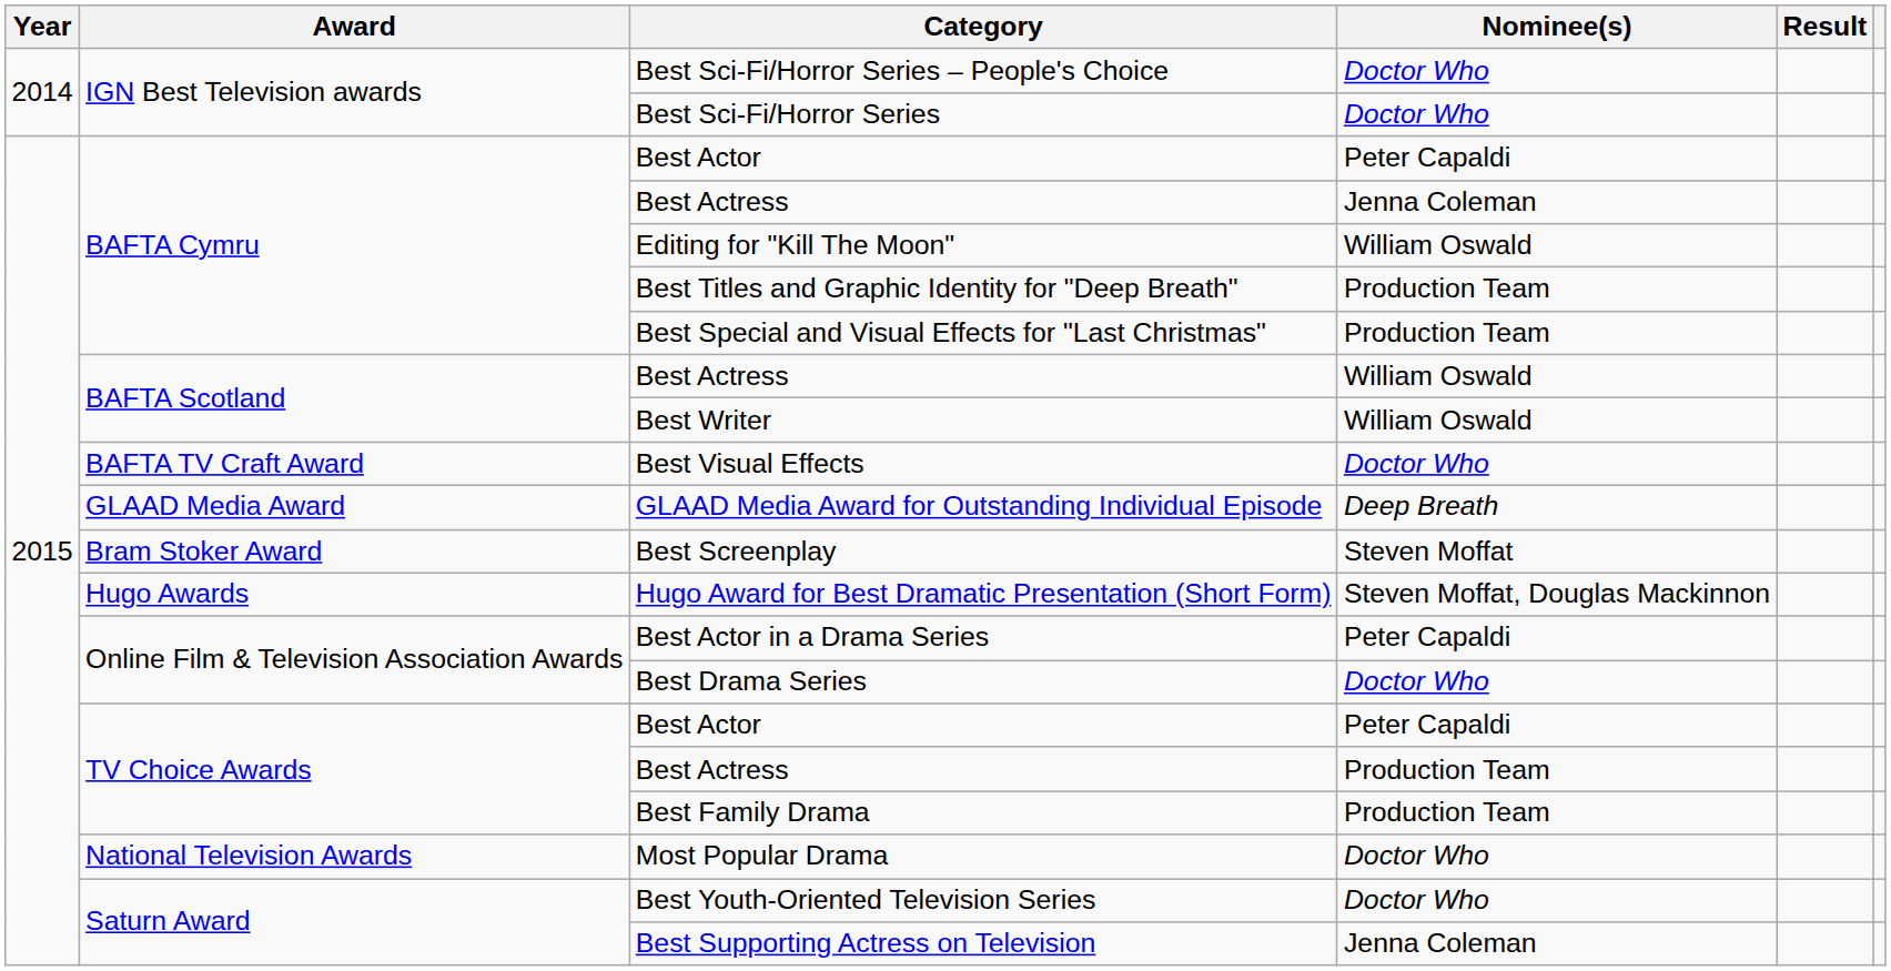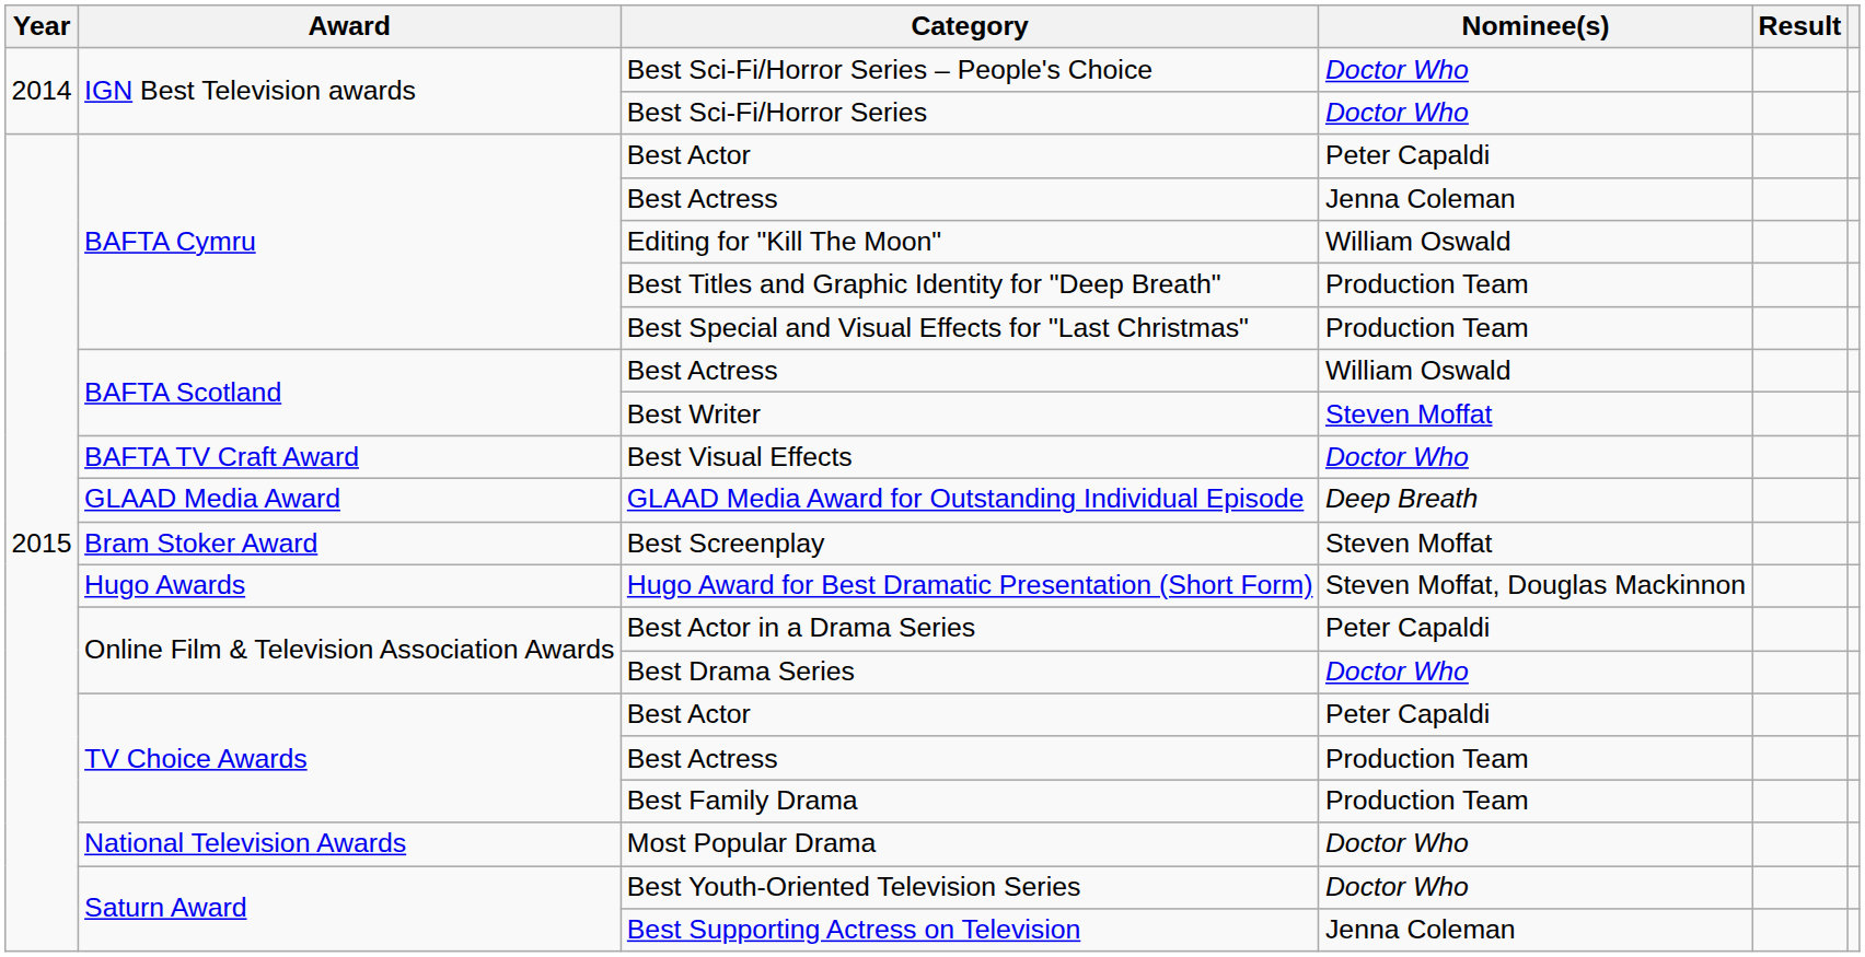 <table class="wikitable sortable">
 <tr>
 <th>Year</th>
 <th>Award</th>
 <th>Category</th>
 <th>Nominee(s)</th>
 <th>Result</th>
 <th class="unsortable"></th>
 </tr>
 <tr>
 <td rowspan="2">2014</td>
 <td rowspan="2!"><a href='#'>IGN</a> Best Television awards</td>
 <td>Best Sci-Fi/Horror Series – People's Choice</td>
 <td><em><a href='#'>Doctor Who</a></em></td>
 <td></td>
 <td></td>
 </tr>
 <tr>
 <td>Best Sci-Fi/Horror Series</td>
 <td><em><a href='#'>Doctor Who</a></em></td>
 <td></td>
 <td></td>
 </tr>
 <tr>
 <td rowspan="19">2015</td>
 <td rowspan="5"><a href='#'>BAFTA Cymru</a></td>
 <td>Best Actor</td>
 <td>Peter Capaldi</td>
 <td></td>
 <td></td>
 </tr>
 <tr>
 <td>Best Actress</td>
 <td>Jenna Coleman</td>
 <td></td>
 <td></td>
 </tr>
 <tr>
 <td>Editing for "Kill The Moon"</td>
 <td>William Oswald</td>
 <td></td>
 <td></td>
 </tr>
 <tr>
 <td>Best Titles and Graphic Identity for "Deep Breath"</td>
 <td>Production Team</td>
 <td></td>
 <td></td>
 </tr>
 <tr>
 <td>Best Special and Visual Effects for "Last Christmas"</td>
 <td>Production Team</td>
 <td></td>
 <td></td>
 </tr>
 <tr>
 <td rowspan="2"><a href='#'>BAFTA Scotland</a></td>
 <td>Best Actress</td>
 <td>William Oswald</td>
 <td></td>
 <td></td>
 </tr>
 <tr>
 <td>Best Writer</td>
-<td>William Oswald</td>
+<td><a href='#'>Steven Moffat</a></td>
 <td></td>
 <td></td>
 </tr>
 <tr>
 <td rowspan="1"><a href='#'>BAFTA TV Craft Award</a></td>
 <td rowspan="1">Best Visual Effects</td>
 <td><em><a href='#'>Doctor Who</a></em></td>
 <td></td>
 <td></td>
 </tr>
 <tr>
 <td><a href='#'>GLAAD Media Award</a></td>
 <td><a href='#'>GLAAD Media Award for Outstanding Individual Episode</a></td>
 <td><em>Deep Breath</em></td>
 <td></td>
 <td></td>
 </tr>
 <tr>
 <td><a href='#'>Bram Stoker Award</a></td>
 <td>Best Screenplay</td>
 <td>Steven Moffat</td>
 <td></td>
 <td></td>
 </tr>
 <tr>
 <td><a href='#'>Hugo Awards</a></td>
 <td><a href='#'>Hugo Award for Best Dramatic Presentation (Short Form)</a></td>
 <td>Steven Moffat, Douglas Mackinnon</td>
 <td></td>
 <td></td>
 </tr>
 <tr>
 <td rowspan="2">Online Film & Television Association Awards</td>
 <td>Best Actor in a Drama Series</td>
 <td>Peter Capaldi</td>
 <td></td>
 <td></td>
 </tr>
 <tr>
 <td>Best Drama Series</td>
 <td><em><a href='#'>Doctor Who</a></em></td>
 <td></td>
 <td></td>
 </tr>
 <tr>
 <td rowspan="3"><a href='#'>TV Choice Awards</a></td>
 <td>Best Actor</td>
 <td>Peter Capaldi</td>
 <td></td>
 <td></td>
 </tr>
 <tr>
 <td>Best Actress</td>
 <td>Production Team</td>
 <td></td>
 <td></td>
 </tr>
 <tr>
 <td>Best Family Drama</td>
 <td>Production Team</td>
 <td></td>
 <td></td>
 </tr>
 <tr>
 <td><a href='#'>National Television Awards</a></td>
 <td>Most Popular Drama</td>
 <td><em>Doctor Who</em></td>
 <td></td>
 <td></td>
 </tr>
 <tr>
 <td rowspan="2"><a href='#'>Saturn Award</a></td>
 <td>Best Youth-Oriented Television Series</td>
 <td><em>Doctor Who</em></td>
 <td></td>
 <td></td>
 </tr>
 <tr>
 <td><a href='#'>Best Supporting Actress on Television</a></td>
 <td>Jenna Coleman</td>
 <td></td>
 <td></td>
 </tr>
 </table>
